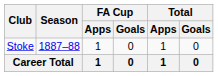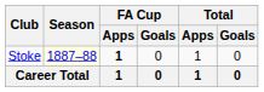 <table class="wikitable" style="text-align: center;">
 <tr>
 <th rowspan="2">Club</th>
 <th rowspan="2">Season</th>
 <th colspan="2">FA Cup</th>
 <th colspan="2">Total</th>
 </tr>
 <tr>
 <th>Apps</th>
 <th>Goals</th>
 <th>Apps</th>
 <th>Goals</th>
 </tr>
 <tr>
 <td><a href='#'>Stoke</a></td>
-<td><a href='#'>1887–88</a></td>
-<td>1</td>
+<td style="background: lightyellow;"><a href='#'>1887–88</a></td>
+<td><strong>1</strong></td>
 <td>0</td>
 <td>1</td>
 <td>0</td>
 </tr>
 <tr>
 <th colspan="2">Career Total</th>
 <th>1</th>
 <th>0</th>
 <th>1</th>
 <th>0</th>
 </tr>
 </table>
